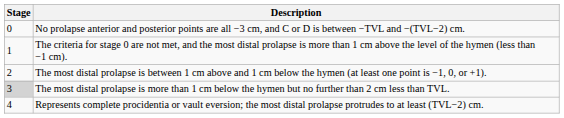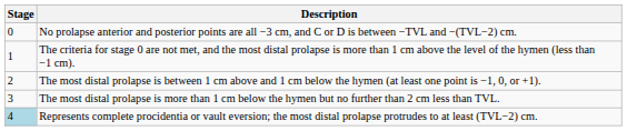 <table class="wikitable">
 <tr>
 <th>Stage</th>
 <th>Description</th>
 </tr>
 <tr>
 <td>0</td>
 <td>No prolapse anterior and posterior points are all −3 cm, and C or D is between −TVL and −(TVL−2) cm.</td>
 </tr>
 <tr>
 <td>1</td>
 <td>The criteria for stage 0 are not met, and the most distal prolapse is more than 1 cm above the level of the hymen (less than −1 cm).</td>
 </tr>
 <tr>
 <td>2</td>
 <td>The most distal prolapse is between 1 cm above and 1 cm below the hymen (at least one point is −1, 0, or +1).</td>
 </tr>
 <tr>
-<td style="background: lightgrey;">3</td>
+<td>3</td>
 <td>The most distal prolapse is more than 1 cm below the hymen but no further than 2 cm less than TVL.</td>
 </tr>
 <tr>
-<td>4</td>
+<td style="background: lightblue;">4</td>
 <td>Represents complete procidentia or vault eversion; the most distal prolapse protrudes to at least (TVL−2) cm.</td>
 </tr>
 </table>
